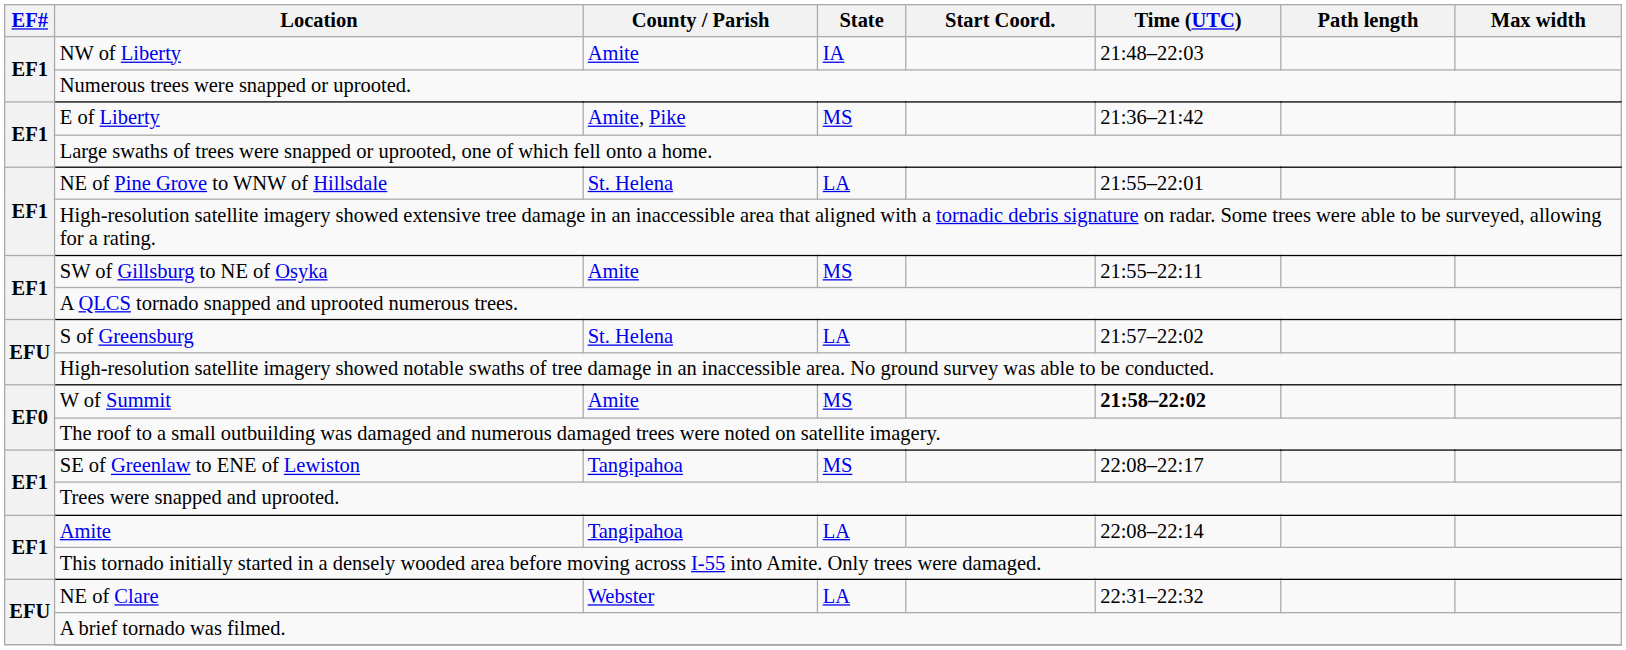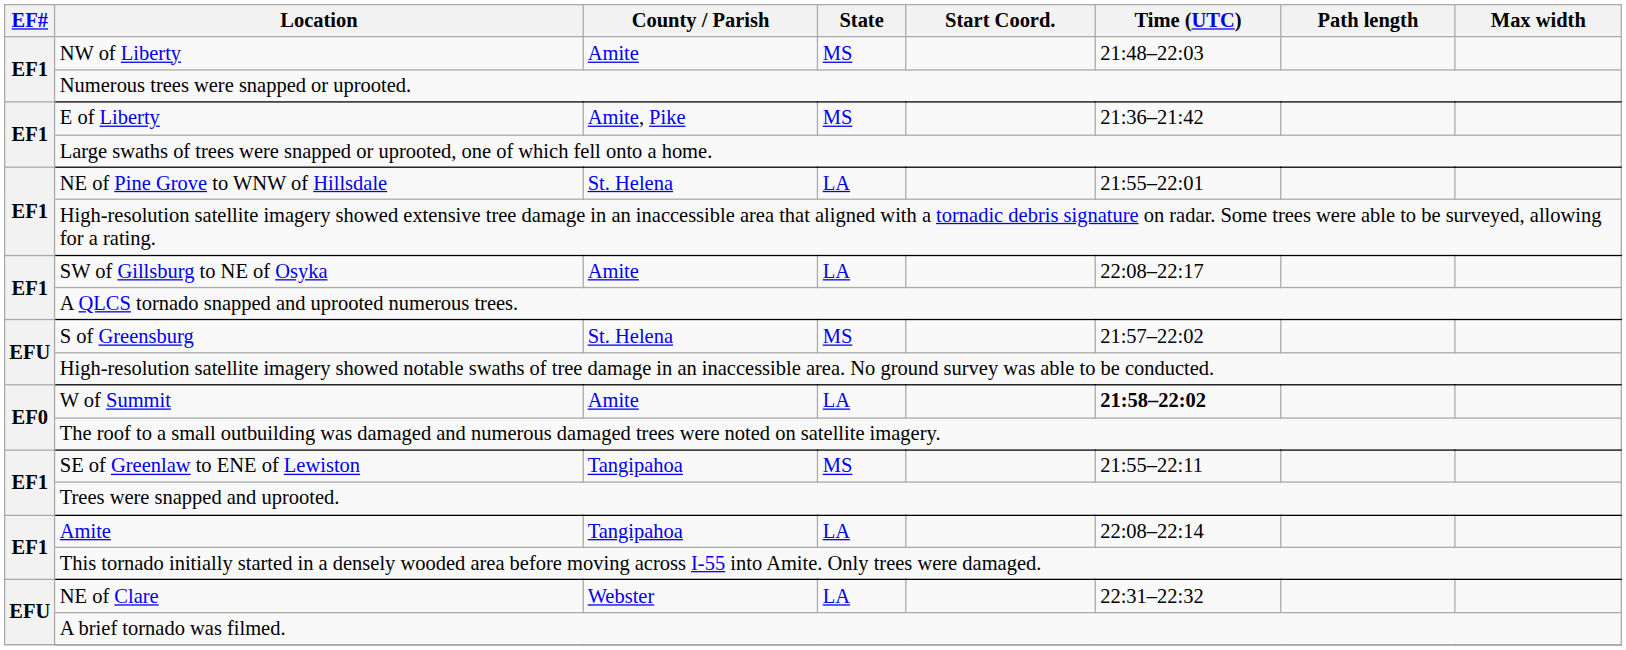 <table class="wikitable sortable" style="width:100%;">
 <tr>
 <th scope="col" width="2%" align="center"><a href='#'>EF#</a></th>
 <th scope="col" align="center" class="unsortable">Location</th>
 <th scope="col" align="center" class="unsortable">County / Parish</th>
 <th scope="col" align="center">State</th>
 <th scope="col" align="center">Start Coord.</th>
 <th scope="col" align="center">Time (<a href='#'>UTC</a>)</th>
 <th scope="col" align="center">Path length</th>
 <th scope="col" align="center">Max width</th>
 </tr>
 <tr>
 <th scope="row" rowspan="2" style="background-color:#">EF1</th>
 <td>NW of <a href='#'>Liberty</a></td>
 <td><a href='#'>Amite</a></td>
-<td><a href='#'>IA</a></td>
+<td><a href='#'>MS</a></td>
 <td></td>
 <td>21:48–22:03</td>
 <td></td>
 <td></td>
 </tr>
 <tr class="expand-child">
 <td colspan="8" style=" border-bottom: 1px solid black;">Numerous trees were snapped or uprooted.</td>
 </tr>
 <tr>
 <th scope="row" rowspan="2" style="background-color:#">EF1</th>
 <td>E of <a href='#'>Liberty</a></td>
 <td><a href='#'>Amite</a>, <a href='#'>Pike</a></td>
 <td><a href='#'>MS</a></td>
 <td></td>
 <td>21:36–21:42</td>
 <td></td>
 <td></td>
 </tr>
 <tr class="expand-child">
 <td colspan="8" style=" border-bottom: 1px solid black;">Large swaths of trees were snapped or uprooted, one of which fell onto a home.</td>
 </tr>
 <tr>
 <th scope="row" rowspan="2" style="background-color:#">EF1</th>
 <td>NE of <a href='#'>Pine Grove</a> to WNW of <a href='#'>Hillsdale</a></td>
 <td><a href='#'>St. Helena</a></td>
 <td><a href='#'>LA</a></td>
 <td></td>
 <td>21:55–22:01</td>
 <td></td>
 <td></td>
 </tr>
 <tr class="expand-child">
 <td colspan="8" style=" border-bottom: 1px solid black;">High-resolution satellite imagery showed extensive tree damage in an inaccessible area that aligned with a <a href='#'>tornadic debris signature</a> on radar. Some trees were able to be surveyed, allowing for a rating.</td>
 </tr>
 <tr>
 <th scope="row" rowspan="2" style="background-color:#">EF1</th>
 <td>SW of <a href='#'>Gillsburg</a> to NE of <a href='#'>Osyka</a></td>
 <td><a href='#'>Amite</a></td>
-<td><a href='#'>MS</a></td>
+<td><a href='#'>LA</a></td>
 <td></td>
-<td>21:55–22:11</td>
+<td>22:08–22:17</td>
 <td></td>
 <td></td>
 </tr>
 <tr class="expand-child">
 <td colspan="8" style=" border-bottom: 1px solid black;">A <a href='#'>QLCS</a> tornado snapped and uprooted numerous trees.</td>
 </tr>
 <tr>
 <th scope="row" rowspan="2" style="background-color:#">EFU</th>
 <td>S of <a href='#'>Greensburg</a></td>
 <td><a href='#'>St. Helena</a></td>
-<td><a href='#'>LA</a></td>
+<td><a href='#'>MS</a></td>
 <td></td>
 <td>21:57–22:02</td>
 <td></td>
 <td></td>
 </tr>
 <tr class="expand-child">
 <td colspan="8" style=" border-bottom: 1px solid black;">High-resolution satellite imagery showed notable swaths of tree damage in an inaccessible area. No ground survey was able to be conducted.</td>
 </tr>
 <tr>
 <th scope="row" rowspan="2" style="background-color:#">EF0</th>
 <td>W of <a href='#'>Summit</a></td>
 <td><a href='#'>Amite</a></td>
-<td><a href='#'>MS</a></td>
+<td><a href='#'>LA</a></td>
 <td></td>
 <td><strong>21:58–22:02</strong></td>
 <td></td>
 <td></td>
 </tr>
 <tr class="expand-child">
 <td colspan="8" style=" border-bottom: 1px solid black;">The roof to a small outbuilding was damaged and numerous damaged trees were noted on satellite imagery.</td>
 </tr>
 <tr>
 <th scope="row" rowspan="2" style="background-color:#">EF1</th>
 <td>SE of <a href='#'>Greenlaw</a> to ENE of <a href='#'>Lewiston</a></td>
 <td><a href='#'>Tangipahoa</a></td>
 <td><a href='#'>MS</a></td>
 <td></td>
-<td>22:08–22:17</td>
+<td>21:55–22:11</td>
 <td></td>
 <td></td>
 </tr>
 <tr class="expand-child">
 <td colspan="8" style=" border-bottom: 1px solid black;">Trees were snapped and uprooted.</td>
 </tr>
 <tr>
 <th scope="row" rowspan="2" style="background-color:#">EF1</th>
 <td><a href='#'>Amite</a></td>
 <td><a href='#'>Tangipahoa</a></td>
 <td><a href='#'>LA</a></td>
 <td></td>
 <td>22:08–22:14</td>
 <td></td>
 <td></td>
 </tr>
 <tr class="expand-child">
 <td colspan="8" style=" border-bottom: 1px solid black;">This tornado initially started in a densely wooded area before moving across <a href='#'>I-55</a> into Amite. Only trees were damaged.</td>
 </tr>
 <tr>
 <th scope="row" rowspan="2" style="background-color:#">EFU</th>
 <td>NE of <a href='#'>Clare</a></td>
 <td><a href='#'>Webster</a></td>
 <td><a href='#'>LA</a></td>
 <td></td>
 <td>22:31–22:32</td>
 <td></td>
 <td></td>
 </tr>
 <tr class="expand-child">
 <td colspan="8" style=" border-bottom: 1px solid black;">A brief tornado was filmed.</td>
 </tr>
 <tr>
 </tr>
 </table>
